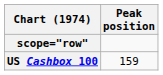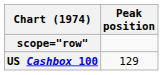 <table class="wikitable plainrowheaders">
 <tr>
 <th>Chart (1974)</th>
 <th>Peak<br>position</th>
 </tr>
 <tr>
 <th>scope="row" </th>
 </tr>
 <tr>
 <th scope="row">US <a href='#'><em>Cashbox</em> 100</a></th>
-<td style="text-align:center;">159</td>
+<td style="text-align:center;">129</td>
 </tr>
 </table>
